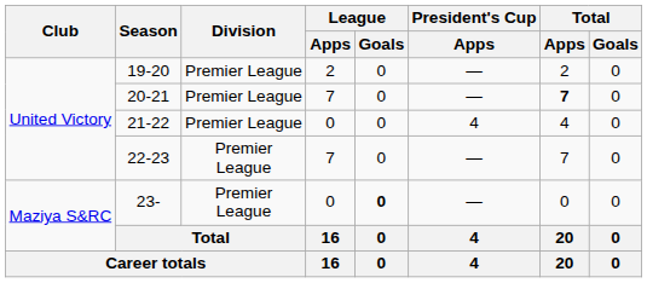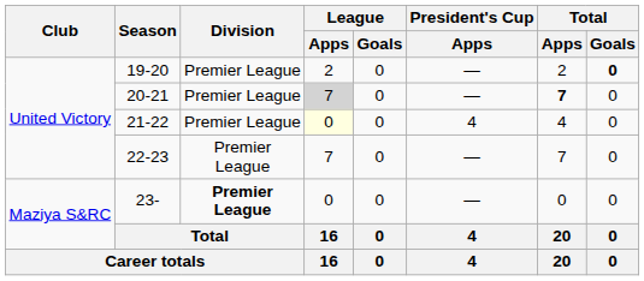 <table class="wikitable" style="text-align: center">
 <tr>
 <th rowspan="2">Club</th>
 <th rowspan="2">Season</th>
 <th rowspan="2">Division</th>
 <th colspan="2">League</th>
 <th>President's Cup</th>
 <th colspan="2">Total</th>
 </tr>
 <tr>
 <th>Apps</th>
 <th>Goals</th>
 <th>Apps</th>
 <th>Apps</th>
 <th>Goals</th>
 </tr>
 <tr>
 <td rowspan="4"><a href='#'>United Victory</a></td>
 <td>19-20</td>
 <td>Premier League</td>
 <td>2</td>
 <td>0</td>
 <td>—</td>
 <td>2</td>
-<td>0</td>
+<td><strong>0</strong></td>
 </tr>
 <tr>
 <td>20-21</td>
 <td>Premier League</td>
-<td>7</td>
+<td style="background: lightgrey;">7</td>
 <td>0</td>
 <td>—</td>
 <td><strong>7</strong></td>
 <td>0</td>
 </tr>
 <tr>
 <td>21-22</td>
 <td>Premier League</td>
-<td>0</td>
+<td style="background: lightyellow;">0</td>
 <td>0</td>
 <td>4</td>
 <td>4</td>
 <td>0</td>
 </tr>
 <tr>
 <td>22-23</td>
 <td>Premier<br>League</td>
 <td>7</td>
 <td>0</td>
 <td>—</td>
 <td>7</td>
 <td>0</td>
 </tr>
 <tr>
 <td rowspan="2"><a href='#'>Maziya S&RC</a></td>
 <td>23-</td>
-<td>Premier<br>League</td>
+<td><strong>Premier<br>League</strong></td>
 <td>0</td>
-<td><strong>0</strong></td>
+<td>0</td>
 <td>—</td>
 <td>0</td>
 <td>0</td>
 </tr>
 <tr>
 <th colspan="2">Total</th>
 <th>16</th>
 <th>0</th>
 <th>4</th>
 <th>20</th>
 <th>0</th>
 </tr>
 <tr>
 <th colspan="3">Career totals</th>
 <th>16</th>
 <th>0</th>
 <th>4</th>
 <th>20</th>
 <th>0</th>
 </tr>
 </table>
